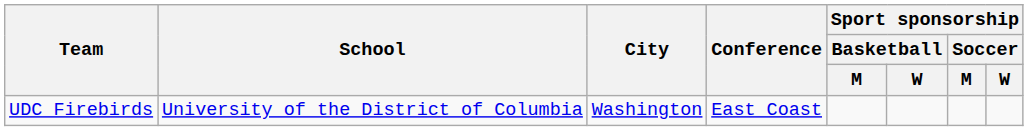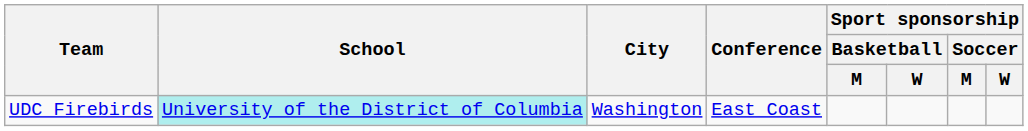 <table class="sortable wikitable">
 <tr>
 <th rowspan=3>Team</th>
 <th rowspan=3>School</th>
 <th rowspan=3>City</th>
 <th rowspan=3>Conference</th>
 <th colspan=4>Sport sponsorship</th>
 </tr>
 <tr>
 <th colspan=2>Basketball</th>
 <th colspan=2>Soccer</th>
 </tr>
 <tr>
 <th>M</th>
 <th>W</th>
 <th>M</th>
 <th>W</th>
 </tr>
 <tr>
 <td><a href='#'>UDC Firebirds</a></td>
-<td><a href='#'>University of the District of Columbia</a></td>
+<td style="background: paleturquoise;"><a href='#'>University of the District of Columbia</a></td>
 <td><a href='#'>Washington</a></td>
 <td><a href='#'>East Coast</a></td>
 <td></td>
 <td></td>
 <td></td>
 <td></td>
 </tr>
 </table>
